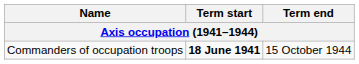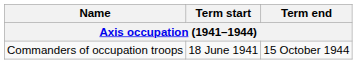 <table class="wikitable">
 <tr>
 <th>Name</th>
 <th><strong>Term start</strong></th>
 <th><strong>Term end</strong></th>
 </tr>
 <tr>
 <th colspan="3"><strong><a href='#'>Axis occupation</a></strong> (1941–1944)</th>
 </tr>
 <tr>
 <td>Commanders of occupation troops</td>
-<td><strong>18 June 1941</strong></td>
+<td>18 June 1941</td>
 <td>15 October 1944</td>
 </tr>
 </table>
